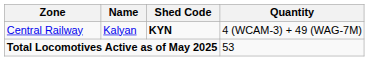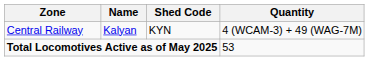 <table class="wikitable">
 <tr>
 <th>Zone</th>
 <th>Name</th>
 <th>Shed Code</th>
 <th>Quantity</th>
 </tr>
 <tr>
 <td><a href='#'>Central Railway</a></td>
 <td><a href='#'>Kalyan</a></td>
-<td><strong>KYN</strong></td>
+<td>KYN</td>
 <td>4 (WCAM-3) + 49 (WAG-7M)</td>
 </tr>
 <tr>
 <td colspan="3"><strong>Total Locomotives Active as of May 2025</strong></td>
 <td>53</td>
 </tr>
 </table>
